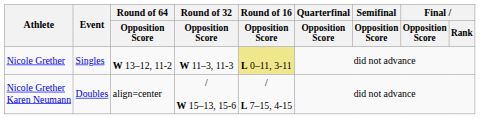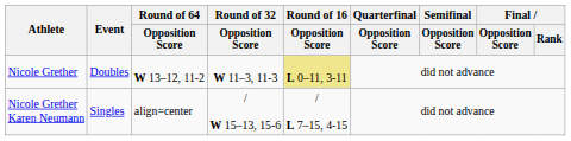 <table class=wikitable style="font-size:90%">
 <tr>
 <th rowspan="2">Athlete</th>
 <th rowspan="2">Event</th>
 <th>Round of 64</th>
 <th>Round of 32</th>
 <th>Round of 16</th>
 <th>Quarterfinal</th>
 <th>Semifinal</th>
 <th colspan=2>Final / </th>
 </tr>
 <tr style="font-size:95%">
 <th>Opposition<br>Score</th>
 <th>Opposition<br>Score</th>
 <th>Opposition<br>Score</th>
 <th>Opposition<br>Score</th>
 <th>Opposition<br>Score</th>
 <th>Opposition<br>Score</th>
 <th>Rank</th>
 </tr>
 <tr>
 <td align=left><a href='#'>Nicole Grether</a></td>
-<td align=left><a href='#'>Singles</a></td>
+<td align=left><a href='#'>Doubles</a></td>
 <td align=center><br><strong>W</strong> 13–12, 11-2</td>
 <td align=center><br><strong>W</strong> 11–3, 11-3</td>
 <td align=center style="background: khaki;"><br><strong>L</strong> 0–11, 3-11</td>
 <td align=center colspan=4>did not advance</td>
 </tr>
 <tr>
 <td align=left><a href='#'>Nicole Grether</a><br> <a href='#'>Karen Neumann</a></td>
-<td align=left><a href='#'>Doubles</a></td>
+<td align=left><a href='#'>Singles</a></td>
 <td>align=center </td>
 <td align=center> /<br><br><strong>W</strong> 15–13, 15-6</td>
 <td align=center> /<br><br><strong>L</strong> 7–15, 4-15</td>
 <td align=center colspan=4>did not advance</td>
 </tr>
 </table>
